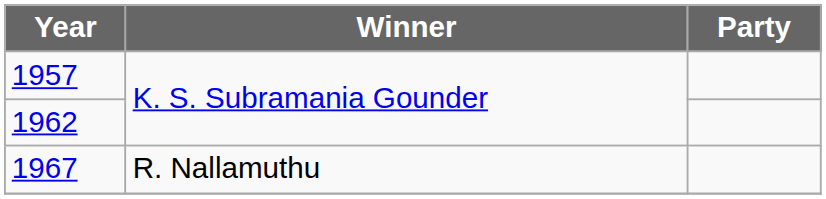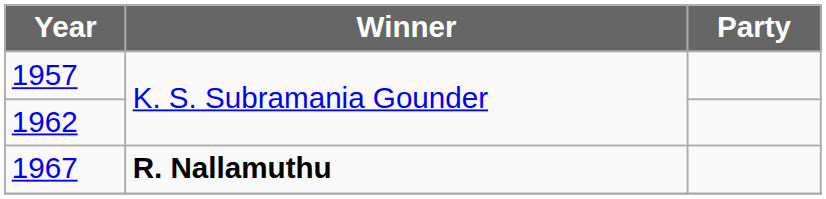 <table class="wikitable sortable" width="50%">
 <tr>
 <th style="background-color:#666666; color:white">Year</th>
 <th style="background-color:#666666; color:white">Winner</th>
 <th style="background-color:#666666; color:white" colspan="2">Party</th>
 </tr>
 <tr>
 <td><a href='#'>1957</a></td>
 <td rowspan=2><a href='#'>K. S. Subramania Gounder</a></td>
 <td></td>
 </tr>
 <tr>
 <td><a href='#'>1962</a></td>
 </tr>
 <tr>
 <td><a href='#'>1967</a></td>
-<td>R. Nallamuthu</td>
+<td><strong>R. Nallamuthu</strong></td>
 <td></td>
 </tr>
 <tr>
 </tr>
 </table>
